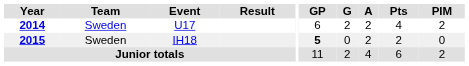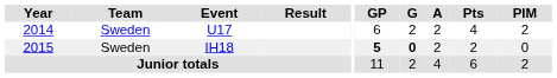 <table border="0" cellpadding="1" cellspacing="0" ID="Table3" style="text-align:center; width:40em">
 <tr ALIGN="center" bgcolor="#e0e0e0">
 <th>Year</th>
 <th>Team</th>
 <th>Event</th>
 <th>Result</th>
 <th rowspan="101" bgcolor="#ffffff"></th>
 <th>GP</th>
 <th>G</th>
 <th>A</th>
 <th>Pts</th>
 <th>PIM</th>
 </tr>
 <tr>
-<td><strong><a href='#'>2014</a></strong></td>
+<td><a href='#'>2014</a></td>
 <td><a href='#'>Sweden</a></td>
 <td><a href='#'>U17</a></td>
 <td></td>
 <td>6</td>
 <td>2</td>
 <td>2</td>
 <td>4</td>
 <td>2</td>
 </tr>
 <tr bgcolor="#f0f0f0">
-<td><strong><a href='#'>2015</a></strong></td>
+<td><a href='#'>2015</a></td>
 <td>Sweden</td>
 <td><a href='#'>IH18</a></td>
 <td></td>
 <td><strong>5</strong></td>
-<td>0</td>
+<td><strong>0</strong></td>
 <td>2</td>
 <td>2</td>
 <td>0</td>
 </tr>
 <tr bgcolor="#e0e0e0">
 <th colspan="4">Junior totals</th>
 <td>11</td>
 <td>2</td>
 <td>4</td>
 <td>6</td>
 <td>2</td>
 </tr>
 </table>
